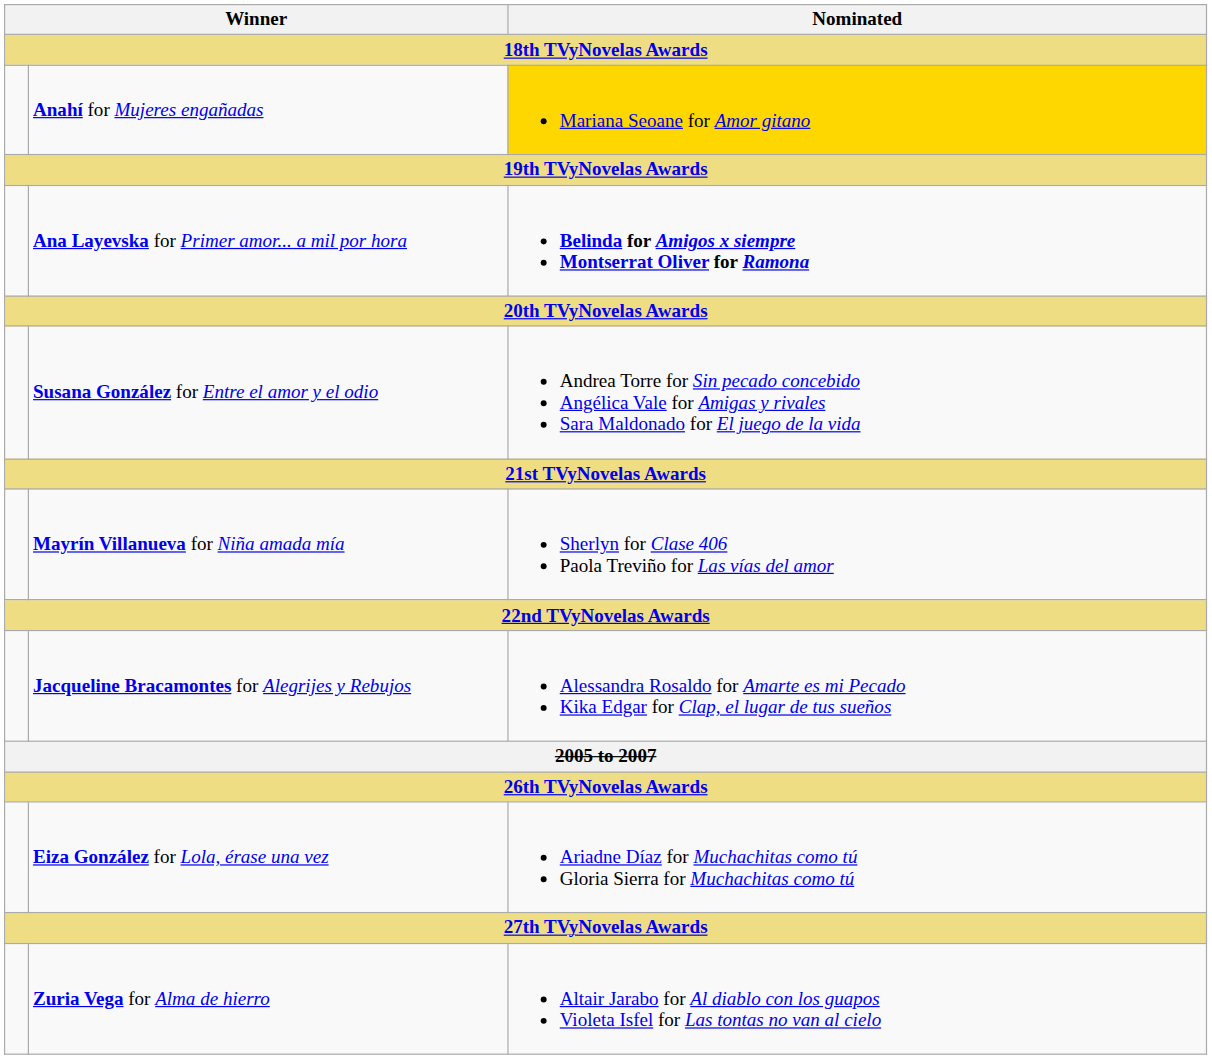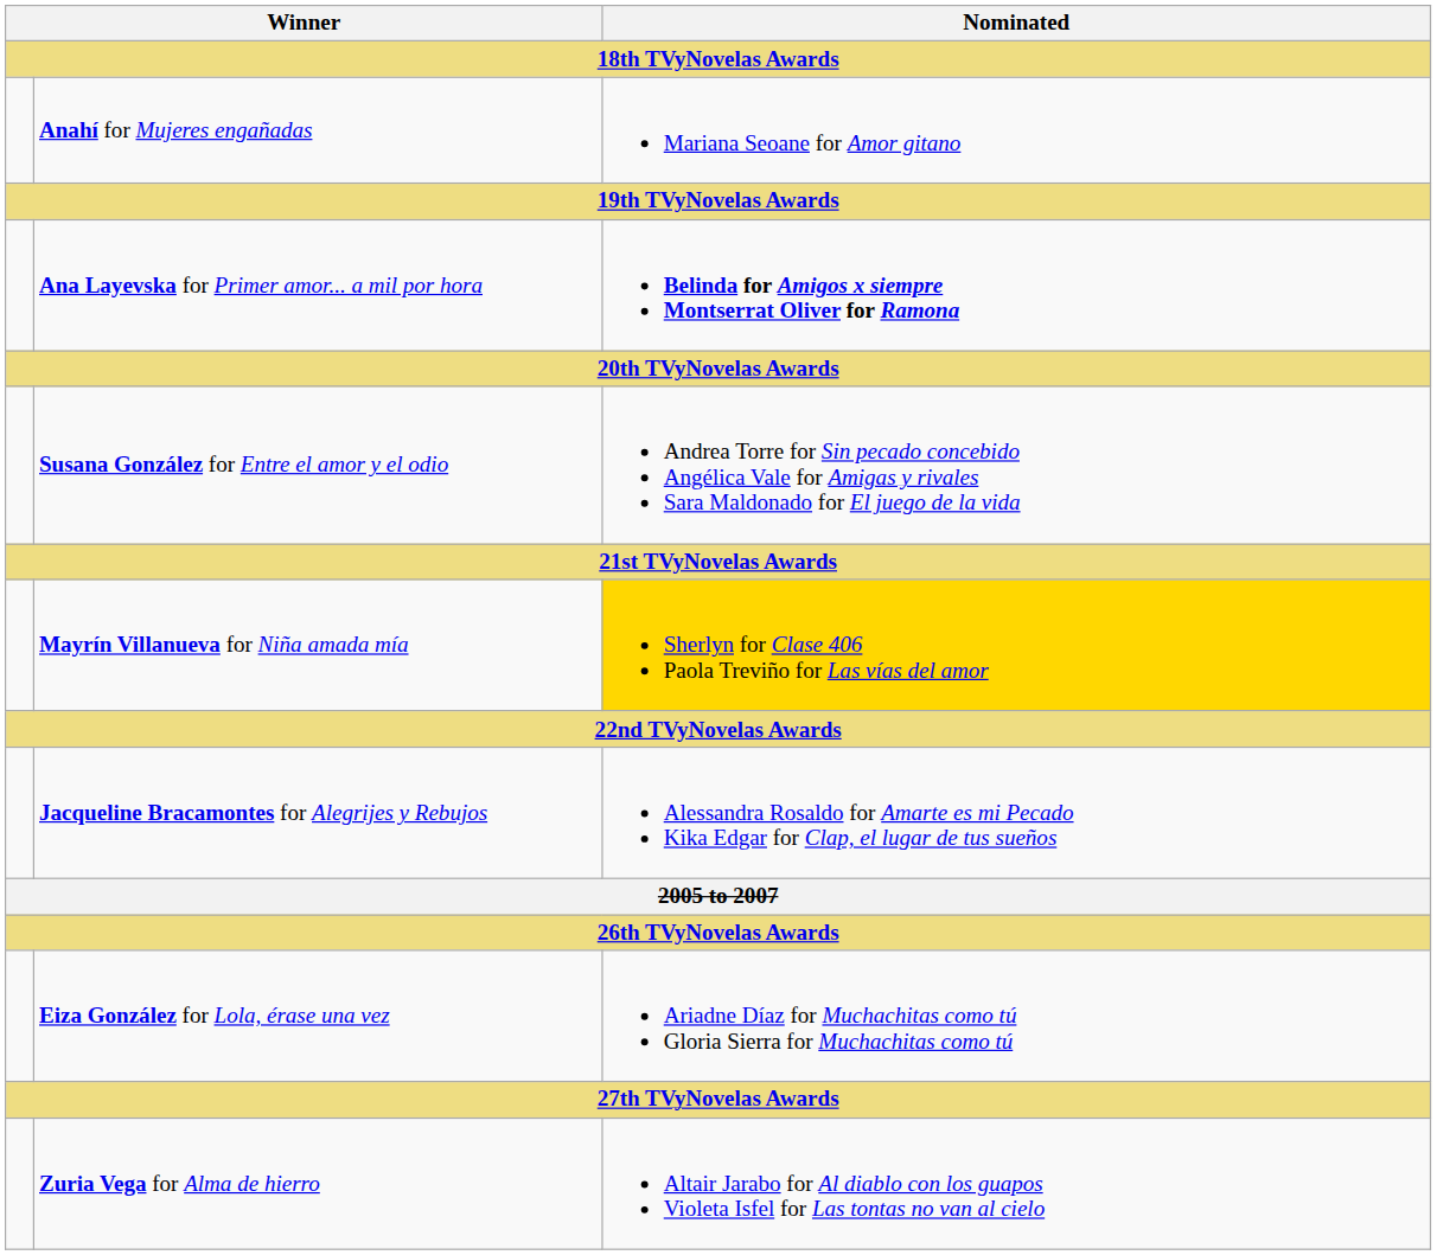 <table class="wikitable" width=80%>
 <tr align=center>
 <th width="150px;" colspan=2; align="center">Winner</th>
 <th width="580px;" align="center">Nominated</th>
 </tr>
 <tr>
 <th colspan=9 style="background:#EEDD82;"  align="center"><strong><a href='#'>18th TVyNovelas Awards</a></strong></th>
 </tr>
 <tr>
 <td width=2%></td>
 <td><strong><a href='#'>Anahí</a></strong> for <em><a href='#'>Mujeres engañadas</a></em></td>
-<td style="background: gold;"><br><ul><li><a href='#'>Mariana Seoane</a> for <em><a href='#'>Amor gitano</a></em></li></ul></td>
+<td><br><ul><li><a href='#'>Mariana Seoane</a> for <em><a href='#'>Amor gitano</a></em></li></ul></td>
 </tr>
 <tr>
 <th colspan=9 style="background:#EEDD82;"  align="center"><strong><a href='#'>19th TVyNovelas Awards</a></strong></th>
 </tr>
 <tr>
 <td width=2%></td>
 <td><strong><a href='#'>Ana Layevska</a></strong> for <em><a href='#'>Primer amor... a mil por hora</a></em></td>
 <td><strong><br><ul><li><a href='#'>Belinda</a> for <em><a href='#'>Amigos x siempre</a></em></li><li><a href='#'>Montserrat Oliver</a> for <em><a href='#'>Ramona</a></em></li></ul></strong></td>
 </tr>
 <tr>
 <th colspan=9 style="background:#EEDD82;"  align="center"><strong><a href='#'>20th TVyNovelas Awards</a></strong></th>
 </tr>
 <tr>
 <td width=2%></td>
 <td><strong><a href='#'>Susana González</a></strong> for <em><a href='#'>Entre el amor y el odio</a></em></td>
 <td><br><ul><li>Andrea Torre for <em><a href='#'>Sin pecado concebido</a></em></li><li><a href='#'>Angélica Vale</a> for <em><a href='#'>Amigas y rivales</a></em></li><li><a href='#'>Sara Maldonado</a> for <em><a href='#'>El juego de la vida</a></em></li></ul></td>
 </tr>
 <tr>
 <th colspan=9 style="background:#EEDD82;"  align="center"><strong><a href='#'>21st TVyNovelas Awards</a></strong></th>
 </tr>
 <tr>
 <td width=2%></td>
 <td><strong><a href='#'>Mayrín Villanueva</a></strong> for <em><a href='#'>Niña amada mía</a></em></td>
-<td><br><ul><li><a href='#'>Sherlyn</a> for <em><a href='#'>Clase 406</a></em></li><li>Paola Treviño for <em><a href='#'>Las vías del amor</a></em></li></ul></td>
+<td style="background: gold;"><br><ul><li><a href='#'>Sherlyn</a> for <em><a href='#'>Clase 406</a></em></li><li>Paola Treviño for <em><a href='#'>Las vías del amor</a></em></li></ul></td>
 </tr>
 <tr>
 <th colspan=9 style="background:#EEDD82;"  align="center"><strong><a href='#'>22nd TVyNovelas Awards</a></strong></th>
 </tr>
 <tr>
 <td width=2%></td>
 <td><strong><a href='#'>Jacqueline Bracamontes</a></strong> for <em><a href='#'>Alegrijes y Rebujos</a></em></td>
 <td><br><ul><li><a href='#'>Alessandra Rosaldo</a> for <em><a href='#'>Amarte es mi Pecado</a></em></li><li><a href='#'>Kika Edgar</a> for <em><a href='#'>Clap, el lugar de tus sueños</a></em></li></ul></td>
 </tr>
 <tr>
 <th colspan=9 align="center"><s>2005 to 2007</s></th>
 </tr>
 <tr>
 <th colspan=9 style="background:#EEDD82;"  align="center"><strong><a href='#'>26th TVyNovelas Awards</a></strong></th>
 </tr>
 <tr>
 <td width=2%></td>
 <td><strong><a href='#'>Eiza González</a></strong> for <em><a href='#'>Lola, érase una vez</a></em></td>
 <td><br><ul><li><a href='#'>Ariadne Díaz</a> for <em><a href='#'>Muchachitas como tú</a></em></li><li>Gloria Sierra for <em><a href='#'>Muchachitas como tú</a></em></li></ul></td>
 </tr>
 <tr>
 <th colspan=9 style="background:#EEDD82;"  align="center"><strong><a href='#'>27th TVyNovelas Awards</a></strong></th>
 </tr>
 <tr>
 <td width=2%></td>
 <td><strong><a href='#'>Zuria Vega</a></strong> for <em><a href='#'>Alma de hierro</a></em></td>
 <td><br><ul><li><a href='#'>Altair Jarabo</a> for <em><a href='#'>Al diablo con los guapos</a></em></li><li><a href='#'>Violeta Isfel</a> for <em><a href='#'>Las tontas no van al cielo</a></em></li></ul></td>
 </tr>
 </table>
